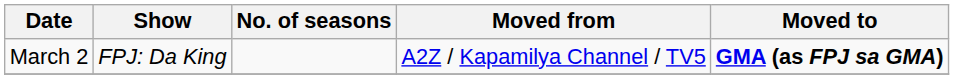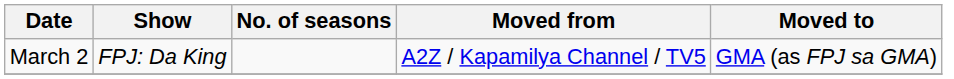 <table class="wikitable">
 <tr>
 <th>Date</th>
 <th>Show</th>
 <th>No. of seasons</th>
 <th>Moved from</th>
 <th>Moved to</th>
 </tr>
 <tr>
 <td>March 2</td>
 <td><em>FPJ: Da King</em></td>
 <td></td>
 <td><a href='#'>A2Z</a> / <a href='#'>Kapamilya Channel</a> / <a href='#'>TV5</a></td>
-<td><strong><a href='#'>GMA</a> (as <em>FPJ sa GMA</em>)</strong></td>
+<td><a href='#'>GMA</a> (as <em>FPJ sa GMA</em>)</td>
 </tr>
 <tr>
 </tr>
 </table>
